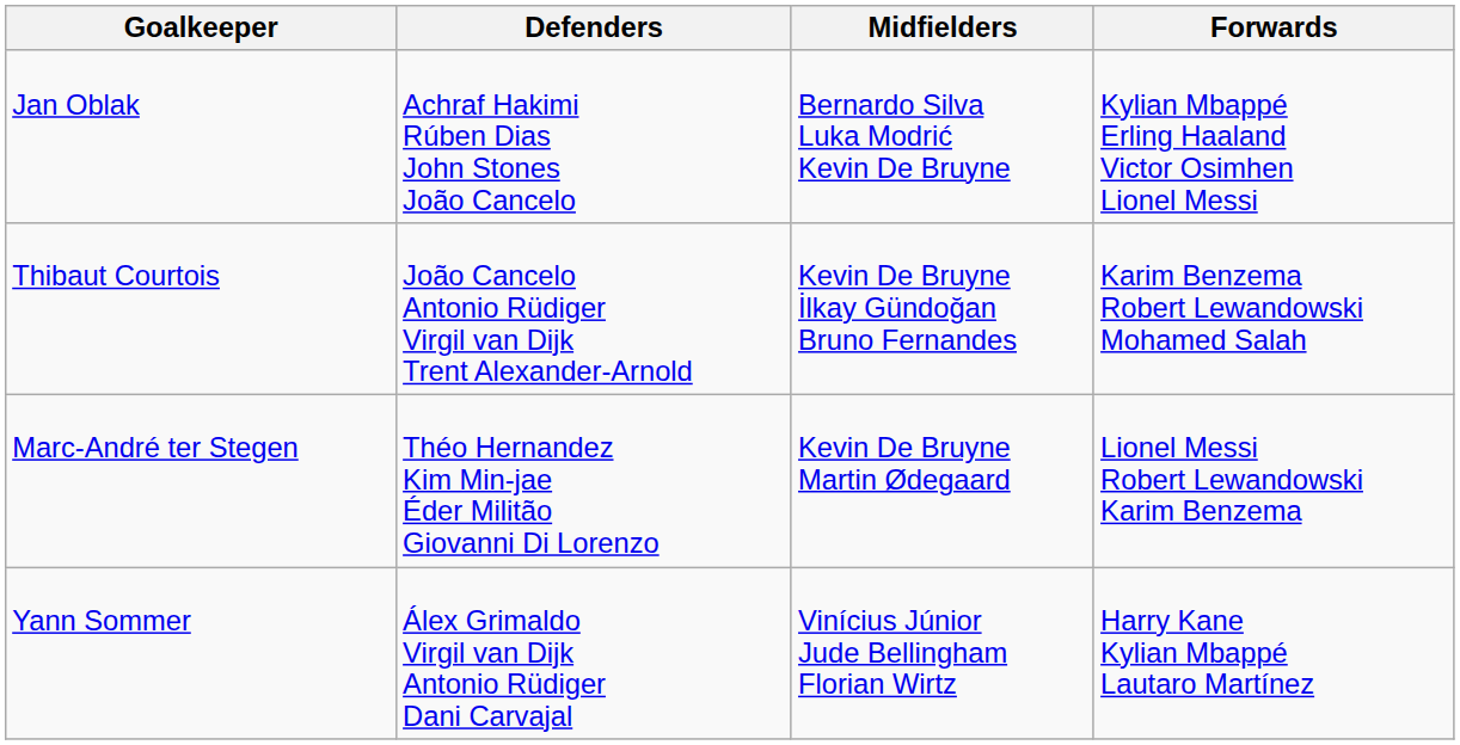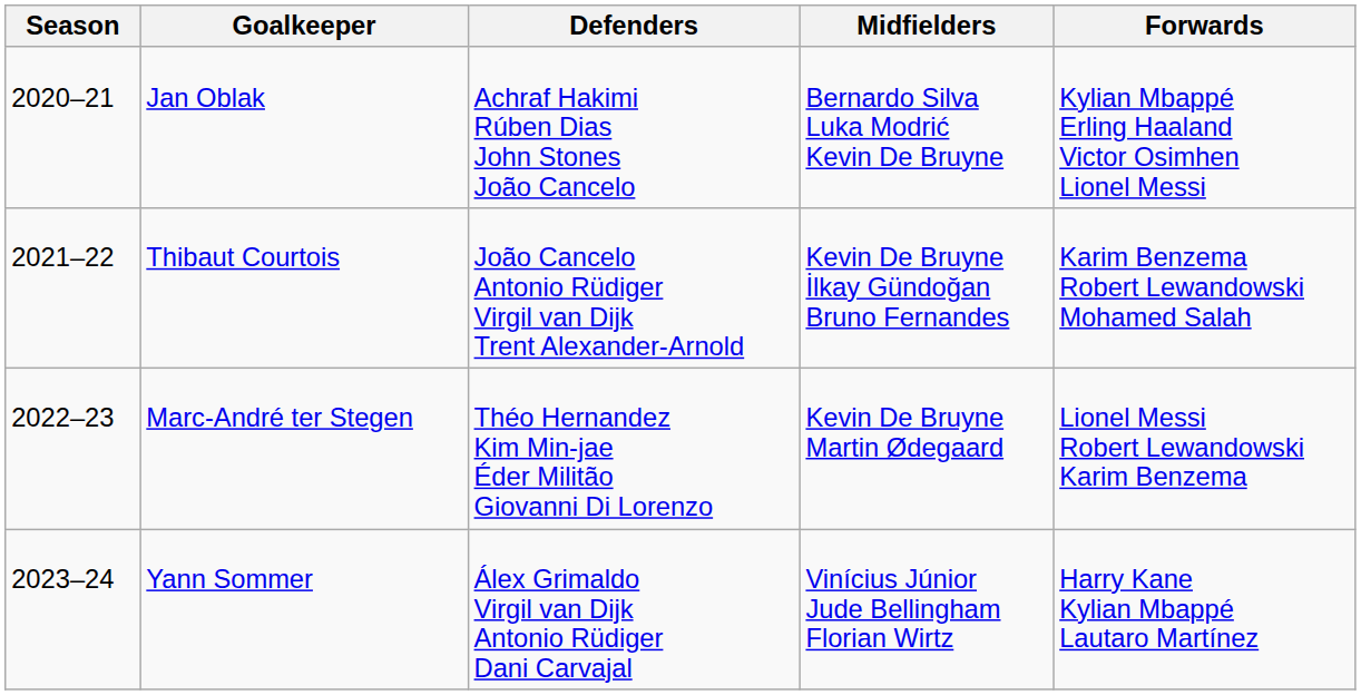 <table class="wikitable" width="820">
 <tr>
+<th>Season</th>
 <th>Goalkeeper</th>
 <th>Defenders</th>
 <th>Midfielders</th>
 <th>Forwards</th>
 </tr>
 <tr>
+<td valign=top><br>2020–21</td>
 <td valign=top><br> <a href='#'>Jan Oblak</a></td>
 <td valign=top><br> <a href='#'>Achraf Hakimi</a><br>  <a href='#'>Rúben Dias</a><br>  <a href='#'>John Stones</a><br>  <a href='#'>João Cancelo</a></td>
 <td valign=top><br> <a href='#'>Bernardo Silva</a><br>  <a href='#'>Luka Modrić</a><br>  <a href='#'>Kevin De Bruyne</a></td>
 <td valign=top><br> <a href='#'>Kylian Mbappé</a><br>  <a href='#'>Erling Haaland</a><br>  <a href='#'>Victor Osimhen</a><br>  <a href='#'>Lionel Messi</a></td>
 </tr>
 <tr>
+<td valign=top><br>2021–22</td>
 <td valign=top><br> <a href='#'>Thibaut Courtois</a></td>
 <td valign=top><br> <a href='#'>João Cancelo</a><br>  <a href='#'>Antonio Rüdiger</a><br>  <a href='#'>Virgil van Dijk</a><br>  <a href='#'>Trent Alexander-Arnold</a></td>
 <td valign=top><br> <a href='#'>Kevin De Bruyne</a><br>  <a href='#'>İlkay Gündoğan</a><br>  <a href='#'>Bruno Fernandes</a></td>
 <td valign=top><br> <a href='#'>Karim Benzema</a><br>  <a href='#'>Robert Lewandowski</a><br>  <a href='#'>Mohamed Salah</a></td>
 </tr>
 <tr>
+<td valign=top><br>2022–23</td>
 <td valign=top><br> <a href='#'>Marc-André ter Stegen</a></td>
 <td valign=top><br> <a href='#'>Théo Hernandez</a><br>  <a href='#'>Kim Min-jae</a><br>  <a href='#'>Éder Militão</a><br>  <a href='#'>Giovanni Di Lorenzo</a></td>
 <td valign=top><br> <a href='#'>Kevin De Bruyne</a><br>  <a href='#'>Martin Ødegaard</a></td>
 <td valign=top><br> <a href='#'>Lionel Messi</a><br>  <a href='#'>Robert Lewandowski</a><br>  <a href='#'>Karim Benzema</a></td>
 </tr>
 <tr>
+<td valign=top><br>2023–24</td>
 <td valign=top><br> <a href='#'>Yann Sommer</a></td>
 <td valign=top><br> <a href='#'>Álex Grimaldo</a><br>  <a href='#'>Virgil van Dijk</a><br>  <a href='#'>Antonio Rüdiger</a><br>  <a href='#'>Dani Carvajal</a></td>
 <td valign=top><br> <a href='#'>Vinícius Júnior</a><br>  <a href='#'>Jude Bellingham</a><br>  <a href='#'>Florian Wirtz</a></td>
 <td valign=top><br> <a href='#'>Harry Kane</a><br>  <a href='#'>Kylian Mbappé</a><br>  <a href='#'>Lautaro Martínez</a></td>
 </tr>
 </table>
